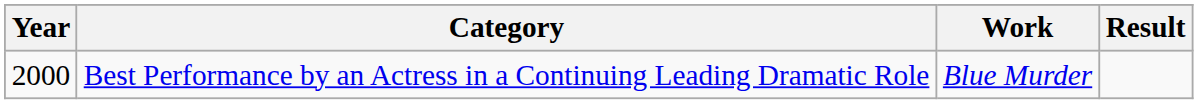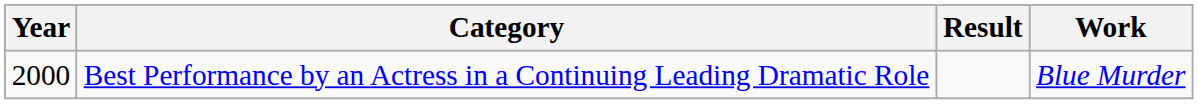 <table class="wikitable">
 <tr>
 <th>Year</th>
 <th>Category</th>
+<th>Result</th>
 <th>Work</th>
-<th>Result</th>
 </tr>
 <tr>
 <td>2000</td>
 <td><a href='#'>Best Performance by an Actress in a Continuing Leading Dramatic Role</a></td>
+<td></td>
 <td><em><a href='#'>Blue Murder</a></em></td>
-<td></td>
 </tr>
 </table>
